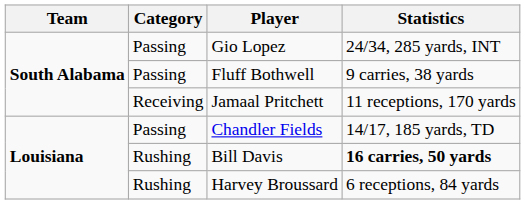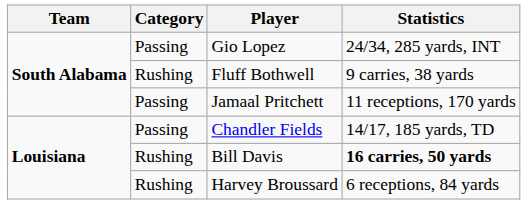 <table class="wikitable" style="float: right;">
 <tr>
 <th>Team</th>
 <th>Category</th>
 <th>Player</th>
 <th>Statistics</th>
 </tr>
 <tr>
 <td rowspan=3><strong>South Alabama</strong></td>
 <td>Passing</td>
 <td>Gio Lopez</td>
 <td>24/34, 285 yards, INT</td>
 </tr>
 <tr>
-<td>Passing</td>
+<td>Rushing</td>
 <td>Fluff Bothwell</td>
 <td>9 carries, 38 yards</td>
 </tr>
 <tr>
-<td>Receiving</td>
+<td>Passing</td>
 <td>Jamaal Pritchett</td>
 <td>11 receptions, 170 yards</td>
 </tr>
 <tr>
 <td rowspan=3><strong>Louisiana</strong></td>
 <td>Passing</td>
 <td><a href='#'>Chandler Fields</a></td>
 <td>14/17, 185 yards, TD</td>
 </tr>
 <tr>
 <td>Rushing</td>
 <td>Bill Davis</td>
 <td><strong>16 carries, 50 yards</strong></td>
 </tr>
 <tr>
 <td>Rushing</td>
 <td>Harvey Broussard</td>
 <td>6 receptions, 84 yards</td>
 </tr>
 </table>
